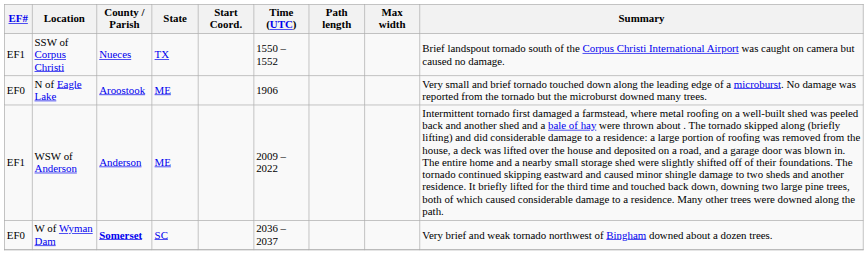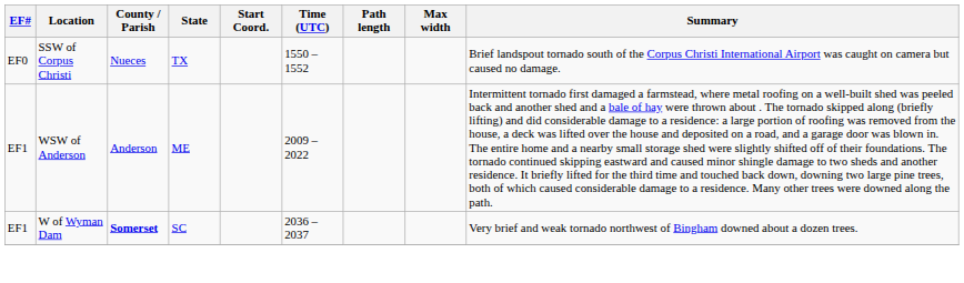 <table class="wikitable sortable" style="width:100%;">
 <tr>
 <th scope="col" width="3%" align="center"><a href='#'>EF#</a></th>
 <th scope="col" width="7%" align="center" class="unsortable">Location</th>
 <th scope="col" width="6%" align="center" class="unsortable">County / Parish</th>
 <th scope="col" width="5%" align="center">State</th>
 <th scope="col" width="6%" align="center">Start Coord.</th>
 <th scope="col" width="6%" align="center">Time (<a href='#'>UTC</a>)</th>
 <th scope="col" width="6%" align="center">Path length</th>
 <th scope="col" width="6%" align="center">Max width</th>
 <th scope="col" width="48%" class="unsortable" align="center">Summary</th>
 </tr>
 <tr>
-<td>EF1</td>
+<td>EF0</td>
 <td>SSW of <a href='#'>Corpus Christi</a></td>
 <td><a href='#'>Nueces</a></td>
 <td><a href='#'>TX</a></td>
 <td></td>
 <td>1550 – 1552</td>
 <td></td>
 <td></td>
 <td>Brief landspout tornado south of the <a href='#'>Corpus Christi International Airport</a> was caught on camera but caused no damage.</td>
-</tr>
-<tr>
-<td>EF0</td>
-<td>N of <a href='#'>Eagle Lake</a></td>
-<td><a href='#'>Aroostook</a></td>
-<td><a href='#'>ME</a></td>
-<td></td>
-<td>1906</td>
-<td></td>
-<td></td>
-<td>Very small and brief tornado touched down along the leading edge of a <a href='#'>microburst</a>. No damage was reported from the tornado but the microburst downed many trees.</td>
 </tr>
 <tr>
 <td>EF1</td>
 <td>WSW of <a href='#'>Anderson</a></td>
 <td><a href='#'>Anderson</a></td>
 <td><a href='#'>ME</a></td>
 <td></td>
 <td>2009 – 2022</td>
 <td></td>
 <td></td>
 <td>Intermittent tornado first damaged a farmstead, where metal roofing on a well-built shed was peeled back and another shed and a  <a href='#'>bale of hay</a> were thrown about . The tornado skipped along (briefly lifting) and did considerable damage to a residence: a large portion of roofing was removed from the house, a deck was lifted over the house and deposited on a road, and a garage door was blown in. The entire home and a nearby small storage shed were slightly shifted off of their foundations. The tornado continued skipping eastward and caused minor shingle damage to two sheds and another residence. It briefly lifted for the third time and touched back down, downing two large pine trees, both of which caused considerable damage to a residence. Many other trees were downed along the path.</td>
 </tr>
 <tr>
-<td>EF0</td>
+<td>EF1</td>
 <td>W of <a href='#'>Wyman Dam</a></td>
 <td><strong><a href='#'>Somerset</a></strong></td>
 <td><a href='#'>SC</a></td>
 <td></td>
 <td>2036 – 2037</td>
 <td></td>
 <td></td>
 <td>Very brief and weak tornado northwest of <a href='#'>Bingham</a> downed about a dozen trees.</td>
 </tr>
 <tr>
 </tr>
 </table>
